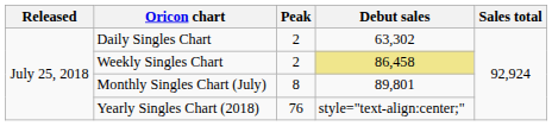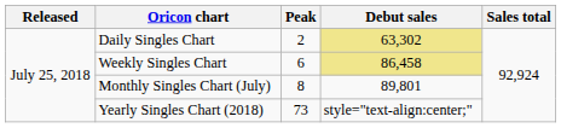 <table class="wikitable" style="width:600px;">
 <tr>
 <th style="text-align:center;">Released</th>
 <th style="text-align:center;"><a href='#'>Oricon</a> chart</th>
 <th style="text-align:center;">Peak</th>
 <th style="text-align:center;">Debut sales</th>
 <th style="text-align:center;">Sales total</th>
 </tr>
 <tr>
 <td style="text-align:center;" rowspan="4">July 25, 2018</td>
 <td align="left">Daily Singles Chart</td>
 <td style="text-align:center;">2</td>
-<td style="text-align:center;">63,302</td>
+<td style="background: khaki; text-align:center;">63,302</td>
 <td style="text-align:center;" rowspan="4">92,924</td>
 </tr>
 <tr>
 <td align="left">Weekly Singles Chart</td>
-<td style="text-align:center;">2</td>
+<td style="text-align:center;">6</td>
 <td style="background: khaki; text-align:center;">86,458</td>
 </tr>
 <tr>
 <td align="left">Monthly Singles Chart (July)</td>
 <td style="text-align:center;">8</td>
 <td style="text-align:center;">89,801</td>
 </tr>
 <tr>
 <td align="left">Yearly Singles Chart (2018)</td>
-<td style="text-align:center;">76</td>
+<td style="text-align:center;">73</td>
 <td>style="text-align:center;" </td>
 </tr>
 </table>
